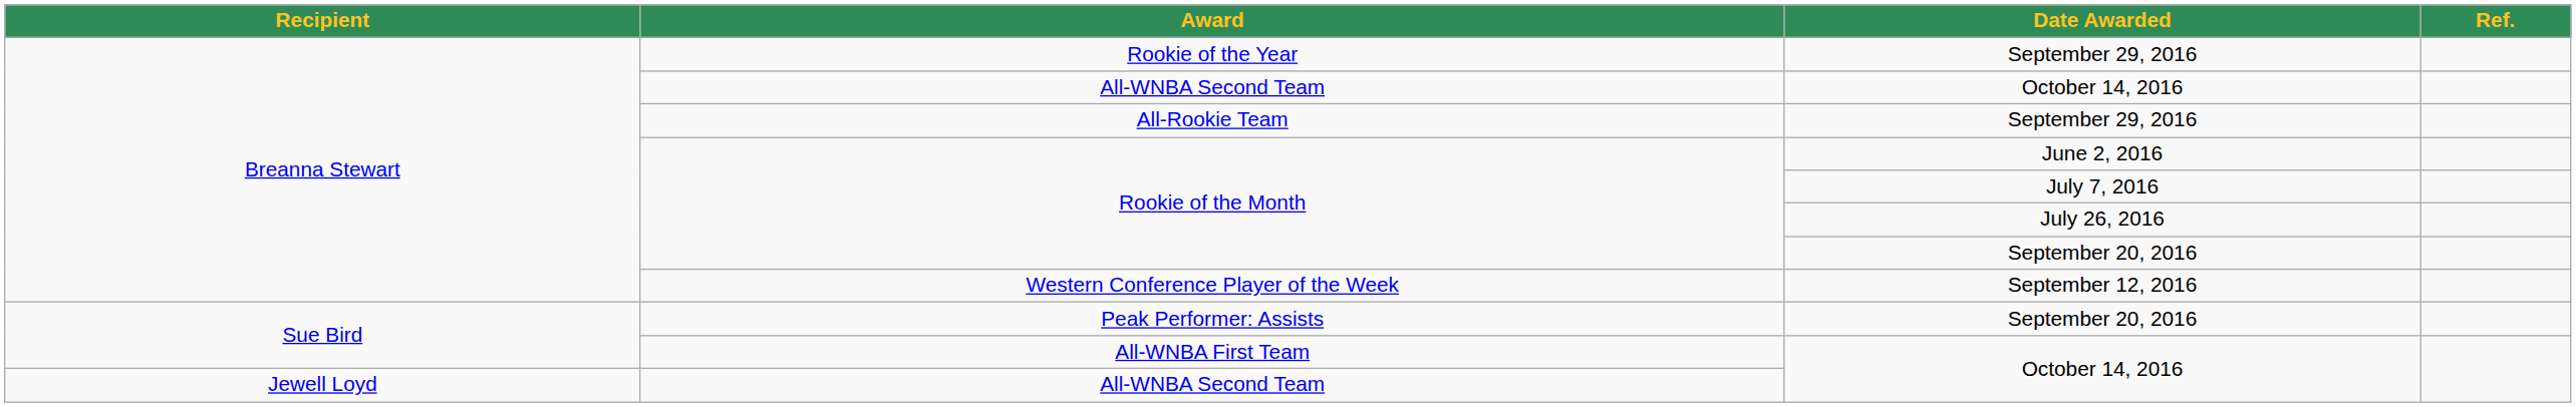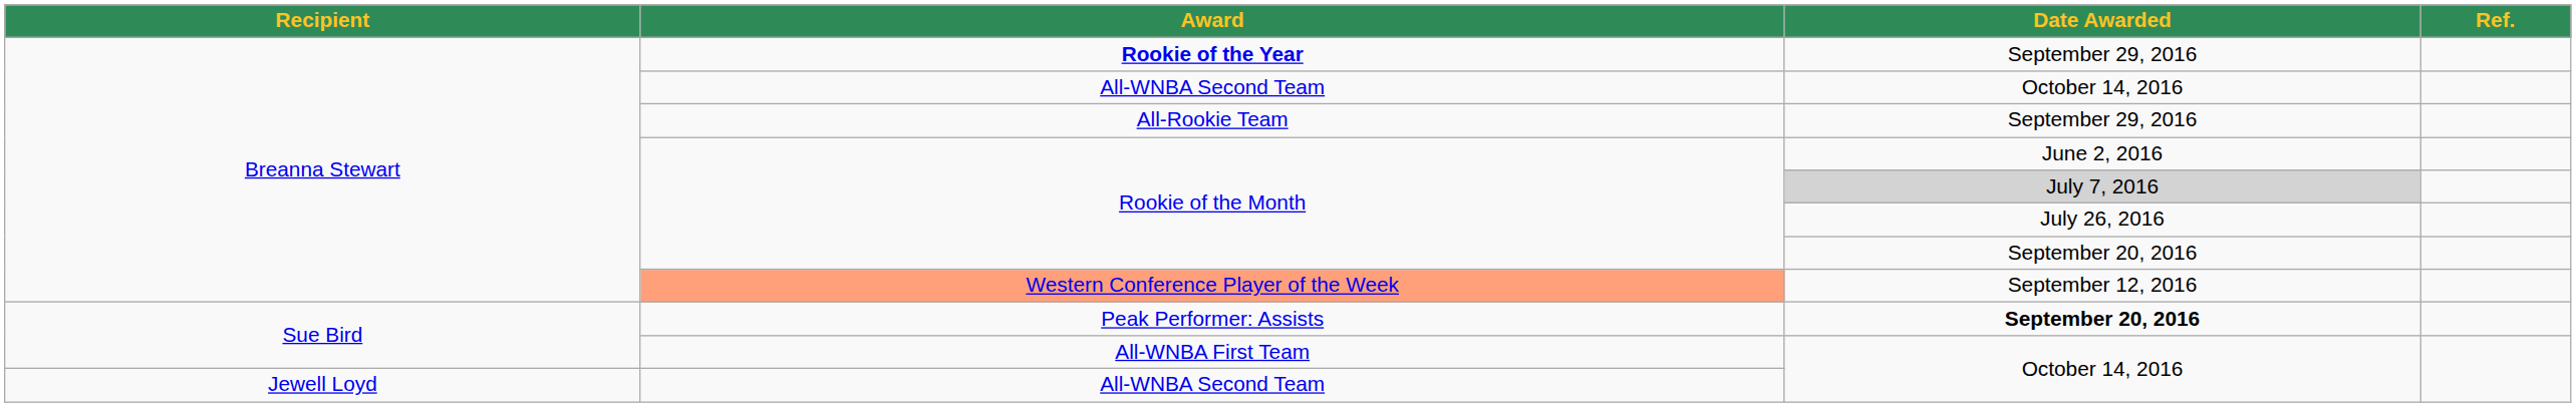 <table class="wikitable sortable" style="text-align: center">
 <tr>
 <th style="background:#2E8B57; color:#FFC322;;" width="5%">Recipient</th>
 <th style="background:#2E8B57; color:#FFC322;;" width="9%">Award</th>
 <th style="background:#2E8B57; color:#FFC322;;" width="5%">Date Awarded</th>
 <th style="background:#2E8B57; color:#FFC322;;" width="1%" class="unsortable">Ref.</th>
 </tr>
 <tr>
 <td rowspan=8><a href='#'>Breanna Stewart</a></td>
-<td><a href='#'>Rookie of the Year</a></td>
+<td><strong><a href='#'>Rookie of the Year</a></strong></td>
 <td>September 29, 2016</td>
 <td></td>
 </tr>
 <tr>
 <td><a href='#'>All-WNBA Second Team</a></td>
 <td>October 14, 2016</td>
 <td></td>
 </tr>
 <tr>
 <td><a href='#'>All-Rookie Team</a></td>
 <td>September 29, 2016</td>
 <td></td>
 </tr>
 <tr>
 <td rowspan=4><a href='#'>Rookie of the Month</a></td>
 <td>June 2, 2016</td>
 <td></td>
 </tr>
 <tr>
-<td>July 7, 2016</td>
+<td style="background: lightgrey;">July 7, 2016</td>
 <td></td>
 </tr>
 <tr>
 <td>July 26, 2016</td>
 <td></td>
 </tr>
 <tr>
 <td>September 20, 2016</td>
 <td></td>
 </tr>
 <tr>
-<td><a href='#'>Western Conference Player of the Week</a></td>
+<td style="background: lightsalmon;"><a href='#'>Western Conference Player of the Week</a></td>
 <td>September 12, 2016</td>
 <td></td>
 </tr>
 <tr>
 <td rowspan=2><a href='#'>Sue Bird</a></td>
 <td><a href='#'>Peak Performer: Assists</a></td>
-<td>September 20, 2016</td>
+<td><strong>September 20, 2016</strong></td>
 <td></td>
 </tr>
 <tr>
 <td><a href='#'>All-WNBA First Team</a></td>
 <td rowspan=2>October 14, 2016</td>
 <td rowspan=2></td>
 </tr>
 <tr>
 <td><a href='#'>Jewell Loyd</a></td>
 <td><a href='#'>All-WNBA Second Team</a></td>
 </tr>
 </table>
